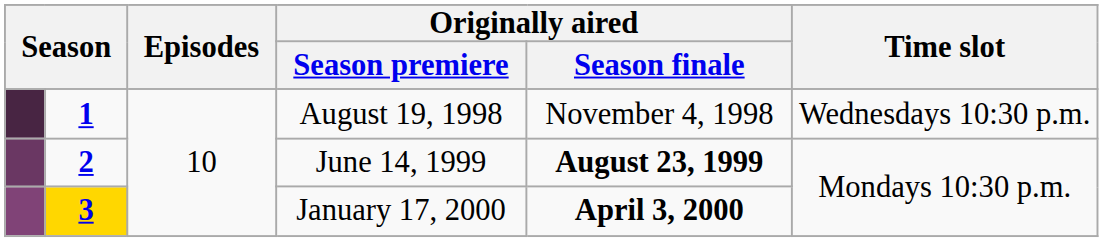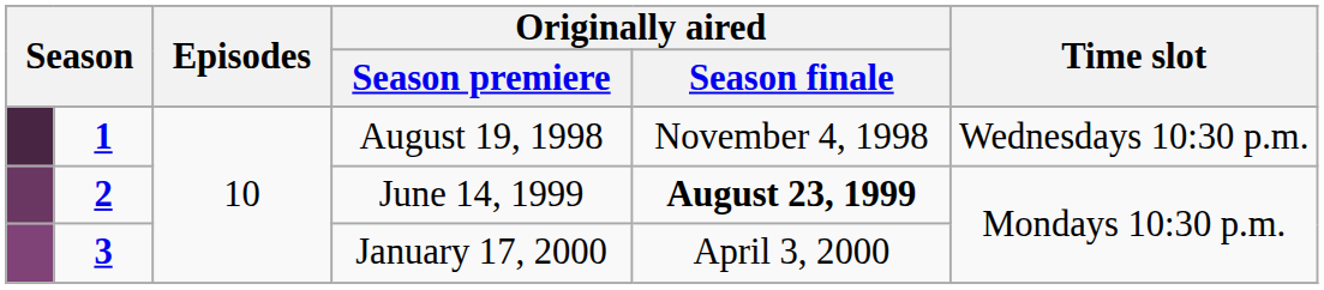 <table class="wikitable plainrowheaders"  style="text-align:center;">
 <tr>
 <th scope="col" style="padding:0 8px;" colspan="2" rowspan="2">Season</th>
 <th scope="col" style="padding:0 8px;" rowspan="2">Episodes</th>
 <th scope="col" style="padding:0 80px;" colspan="2">Originally aired</th>
 <th scope="col" style="padding:0 8px;" rowspan="2">Time slot</th>
 </tr>
 <tr>
 <th scope="col"><a href='#'>Season premiere</a></th>
 <th scope="col"><a href='#'>Season finale</a></th>
 </tr>
 <tr>
 <td scope="row" style="background:#482543;"></td>
 <td><strong><a href='#'>1</a></strong></td>
 <td rowspan="3">10</td>
 <td>August 19, 1998</td>
 <td>November 4, 1998</td>
 <td>Wednesdays 10:30 p.m.</td>
 </tr>
 <tr>
 <td scope="row" style="background:#6a3763;"></td>
 <td><strong><a href='#'>2</a></strong></td>
 <td>June 14, 1999</td>
 <td><strong>August 23, 1999</strong></td>
 <td rowspan="2">Mondays 10:30 p.m.</td>
 </tr>
 <tr>
 <td scope="row" style="background:#804377;"></td>
-<td style="background: gold;"><strong><a href='#'>3</a></strong></td>
+<td><strong><a href='#'>3</a></strong></td>
 <td>January 17, 2000</td>
-<td><strong>April 3, 2000</strong></td>
+<td>April 3, 2000</td>
 </tr>
 </table>
